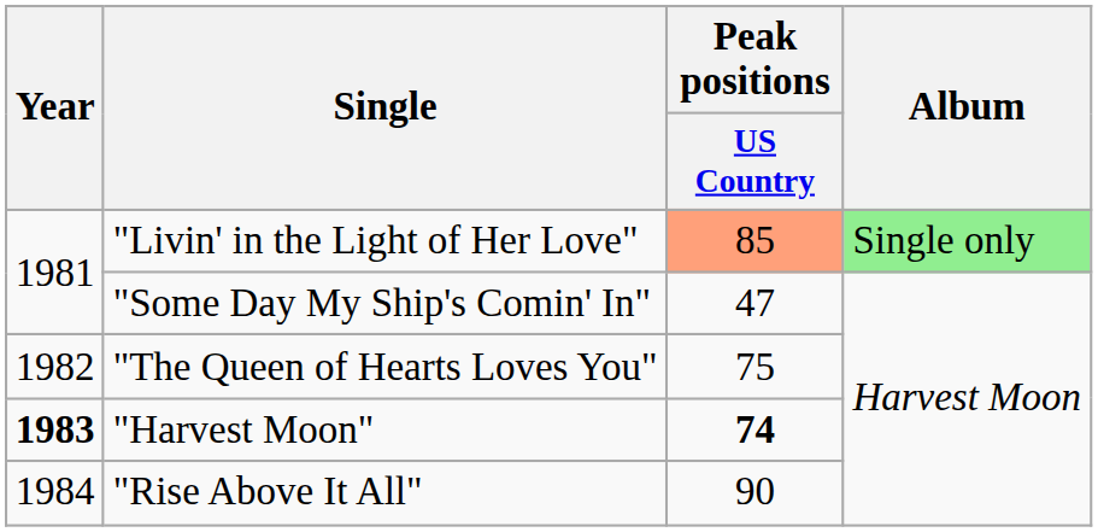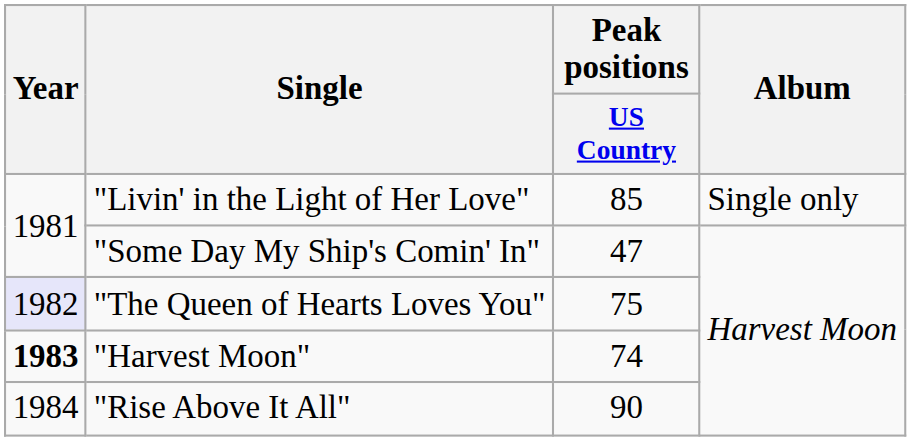 <table class="wikitable" style="text-align:center;">
 <tr>
 <th rowspan="2">Year</th>
 <th rowspan="2">Single</th>
 <th colspan="1">Peak positions</th>
 <th rowspan="2">Album</th>
 </tr>
 <tr style="font-size:smaller;">
 <th width="65"><a href='#'>US Country</a></th>
 </tr>
 <tr>
 <td rowspan="2">1981</td>
 <td align="left">"Livin' in the Light of Her Love"</td>
-<td style="background: lightsalmon;">85</td>
-<td align="left" style="background: lightgreen;">Single only</td>
+<td>85</td>
+<td align="left">Single only</td>
 </tr>
 <tr>
 <td align="left">"Some Day My Ship's Comin' In"</td>
 <td>47</td>
 <td align="left" rowspan="4"><em>Harvest Moon</em></td>
 </tr>
 <tr>
-<td>1982</td>
+<td style="background: lavender;">1982</td>
 <td align="left">"The Queen of Hearts Loves You"</td>
 <td>75</td>
 </tr>
 <tr>
 <td><strong>1983</strong></td>
 <td align="left">"Harvest Moon"</td>
-<td><strong>74</strong></td>
+<td>74</td>
 </tr>
 <tr>
 <td>1984</td>
 <td align="left">"Rise Above It All"</td>
 <td>90</td>
 </tr>
 </table>
